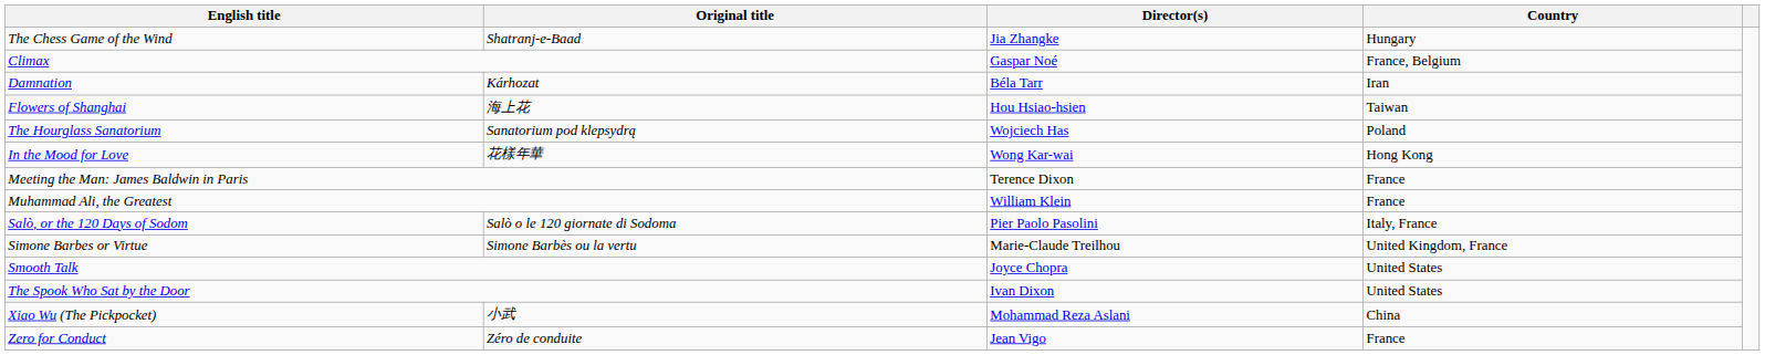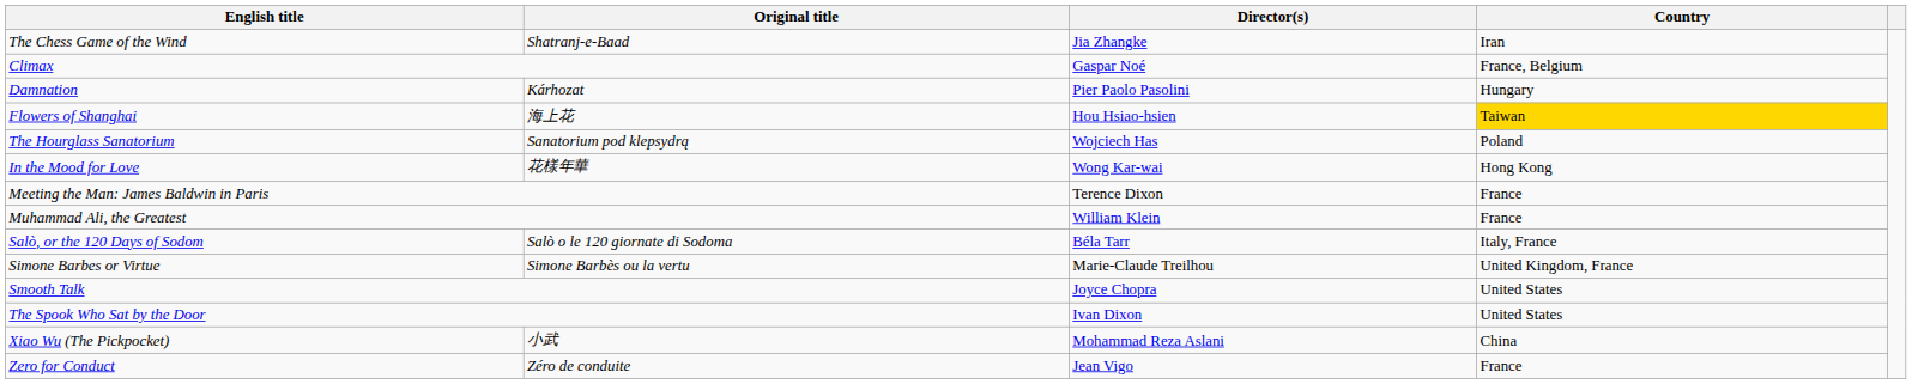 <table class="wikitable" width="100%">
 <tr>
 <th>English title</th>
 <th>Original title</th>
 <th>Director(s)</th>
 <th>Country</th>
 <th></th>
 </tr>
 <tr>
 <td><em>The Chess Game of the Wind</em></td>
 <td><em>Shatranj-e-Baad</em></td>
 <td><a href='#'>Jia Zhangke</a></td>
-<td>Hungary</td>
+<td>Iran</td>
 <td rowspan="14"></td>
 </tr>
 <tr>
 <td colspan="2"><em><a href='#'>Climax</a></em></td>
 <td><a href='#'>Gaspar Noé</a></td>
 <td>France, Belgium</td>
 </tr>
 <tr>
 <td><em><a href='#'>Damnation</a></em></td>
 <td><em>Kárhozat</em></td>
-<td><a href='#'>Béla Tarr</a></td>
-<td>Iran</td>
+<td><a href='#'>Pier Paolo Pasolini</a></td>
+<td>Hungary</td>
 </tr>
 <tr>
 <td><em><a href='#'>Flowers of Shanghai</a></em></td>
 <td><em>海上花</em></td>
 <td><a href='#'>Hou Hsiao-hsien</a></td>
-<td>Taiwan</td>
+<td style="background: gold;">Taiwan</td>
 </tr>
 <tr>
 <td><em><a href='#'>The Hourglass Sanatorium</a></em></td>
 <td><em>Sanatorium pod klepsydrą</em></td>
 <td><a href='#'>Wojciech Has</a></td>
 <td>Poland</td>
 </tr>
 <tr>
 <td><em><a href='#'>In the Mood for Love</a></em></td>
 <td><em>花樣年華</em></td>
 <td><a href='#'>Wong Kar-wai</a></td>
 <td>Hong Kong</td>
 </tr>
 <tr>
 <td colspan="2"><em>Meeting the Man: James Baldwin in Paris</em></td>
 <td>Terence Dixon</td>
 <td>France</td>
 </tr>
 <tr>
 <td colspan="2"><em>Muhammad Ali, the Greatest</em></td>
 <td><a href='#'>William Klein</a></td>
 <td>France</td>
 </tr>
 <tr>
 <td><em><a href='#'>Salò, or the 120 Days of Sodom</a></em></td>
 <td><em>Salò o le 120 giornate di Sodoma</em></td>
-<td><a href='#'>Pier Paolo Pasolini</a></td>
+<td><a href='#'>Béla Tarr</a></td>
 <td>Italy, France</td>
 </tr>
 <tr>
 <td><em>Simone Barbes or Virtue</em></td>
 <td><em>Simone Barbès ou la vertu</em></td>
 <td>Marie-Claude Treilhou</td>
 <td>United Kingdom, France</td>
 </tr>
 <tr>
 <td colspan="2"><em><a href='#'>Smooth Talk</a></em></td>
 <td><a href='#'>Joyce Chopra</a></td>
 <td>United States</td>
 </tr>
 <tr>
 <td colspan="2"><em><a href='#'>The Spook Who Sat by the Door</a></em></td>
 <td><a href='#'>Ivan Dixon</a></td>
 <td>United States</td>
 </tr>
 <tr>
 <td><em><a href='#'>Xiao Wu</a> (The Pickpocket)</em></td>
 <td><em>小武</em></td>
 <td><a href='#'>Mohammad Reza Aslani</a></td>
 <td>China</td>
 </tr>
 <tr>
 <td><em><a href='#'>Zero for Conduct</a></em></td>
 <td><em>Zéro de conduite</em></td>
 <td><a href='#'>Jean Vigo</a></td>
 <td>France</td>
 </tr>
 </table>
